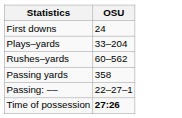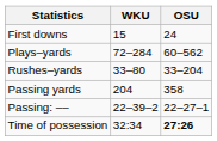 <table class="wikitable" style="float:left">
 <tr>
 <th>Statistics</th>
+<th>WKU</th>
 <th>OSU</th>
 </tr>
 <tr>
 <td>First downs</td>
+<td>15</td>
 <td>24</td>
 </tr>
 <tr>
 <td>Plays–yards</td>
+<td>72–284</td>
+<td>60–562</td>
+</tr>
+<tr>
+<td>Rushes–yards</td>
+<td>33–80</td>
 <td>33–204</td>
 </tr>
 <tr>
-<td>Rushes–yards</td>
-<td>60–562</td>
-</tr>
-<tr>
 <td>Passing yards</td>
+<td>204</td>
 <td>358</td>
 </tr>
 <tr>
 <td>Passing: ––</td>
+<td>22–39–2</td>
 <td>22–27–1</td>
 </tr>
 <tr>
 <td>Time of possession</td>
+<td>32:34</td>
 <td><strong>27:26</strong></td>
 </tr>
 </table>
